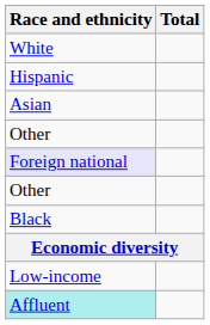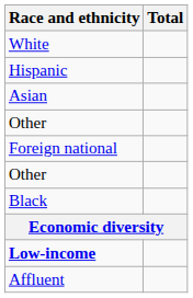 <table class="wikitable floatright sortable collapsible"; text-align:right; font-size:80%;">
 <tr>
 <th>Race and ethnicity</th>
 <th colspan="2" data-sort-type=number>Total</th>
 </tr>
 <tr>
 <td><a href='#'>White</a></td>
 <td align=right></td>
 </tr>
 <tr>
 <td><a href='#'>Hispanic</a></td>
 <td align=right></td>
 </tr>
 <tr>
 <td><a href='#'>Asian</a></td>
 <td align=right></td>
 </tr>
 <tr>
 <td>Other</td>
 <td align=right></td>
 </tr>
 <tr>
-<td style="background: lavender;"><a href='#'>Foreign national</a></td>
+<td><a href='#'>Foreign national</a></td>
 <td align=right></td>
 </tr>
 <tr>
 <td>Other</td>
 <td align=right></td>
 </tr>
 <tr>
 <td><a href='#'>Black</a></td>
 <td align=right></td>
 </tr>
 <tr>
 <th colspan="4" data-sort-type=number><a href='#'>Economic diversity</a></th>
 </tr>
 <tr>
-<td><a href='#'>Low-income</a></td>
+<td><strong><a href='#'>Low-income</a></strong></td>
 <td align=right></td>
 </tr>
 <tr>
-<td style="background: paleturquoise;"><a href='#'>Affluent</a></td>
+<td><a href='#'>Affluent</a></td>
 <td align=right></td>
 </tr>
 </table>
